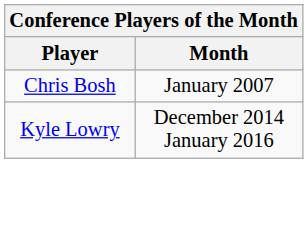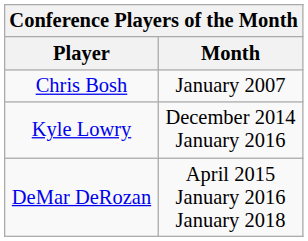 <table class="wikitable" style="text-align:center">
 <tr>
 <th colspan="2">Conference Players of the Month</th>
 </tr>
 <tr>
 <th>Player</th>
 <th>Month</th>
 </tr>
 <tr>
 <td><a href='#'>Chris Bosh</a></td>
 <td>January 2007</td>
 </tr>
 <tr>
 <td><a href='#'>Kyle Lowry</a></td>
 <td>December 2014<br>January 2016</td>
 </tr>
+<tr>
+<td><a href='#'>DeMar DeRozan</a></td>
+<td>April 2015<br>January 2016<br>January 2018</td>
+</tr>
 </table>
